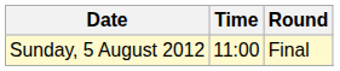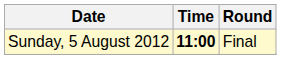 <table class="wikitable">
 <tr>
 <th>Date</th>
 <th>Time</th>
 <th>Round</th>
 </tr>
 <tr>
 <td style=background:lemonchiffon>Sunday, 5 August 2012</td>
-<td style=background:lemonchiffon>11:00</td>
+<td style=background:lemonchiffon><strong>11:00</strong></td>
 <td style=background:lemonchiffon>Final</td>
 </tr>
 <tr>
 </tr>
 </table>
